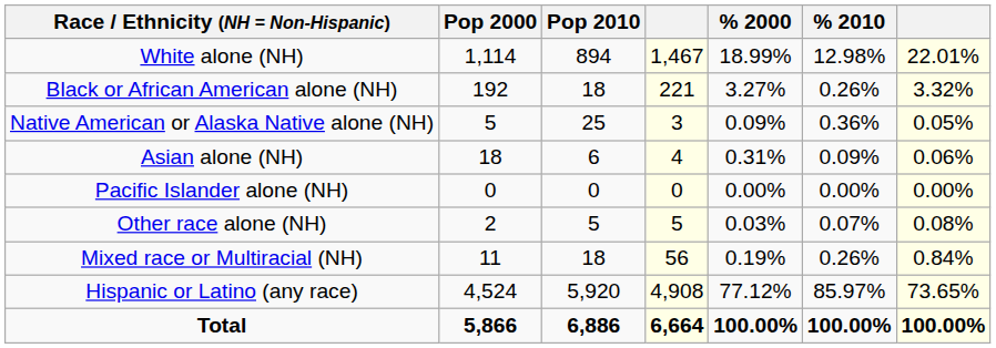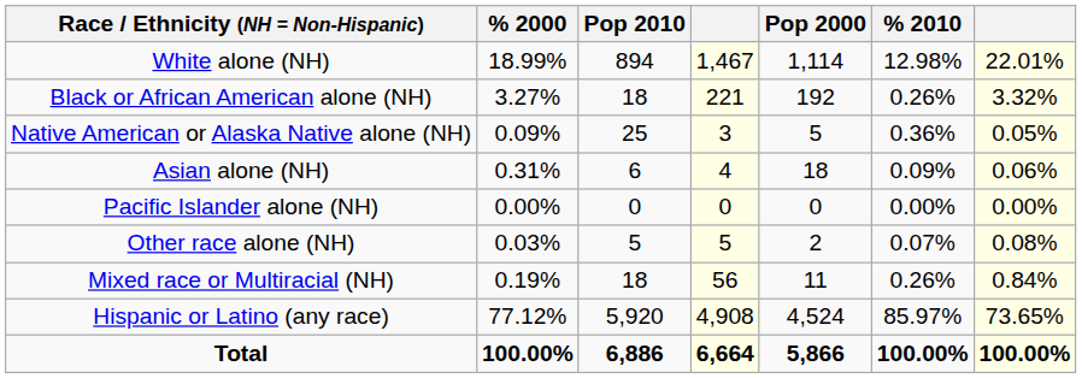 <table class="wikitable" style="text-align:center;">
 <tr>
 <th>Race / Ethnicity <small>(<em>NH = Non-Hispanic</em>)</small></th>
-<th>Pop 2000</th>
+<th>% 2000</th>
 <th>Pop 2010</th>
 <th></th>
-<th>% 2000</th>
+<th>Pop 2000</th>
 <th>% 2010</th>
 <th></th>
 </tr>
 <tr>
 <td><a href='#'>White</a> alone (NH)</td>
-<td>1,114</td>
+<td>18.99%</td>
 <td>894</td>
 <td style='background: #ffffe6;'>1,467</td>
-<td>18.99%</td>
+<td>1,114</td>
 <td>12.98%</td>
 <td style='background: #ffffe6;'>22.01%</td>
 </tr>
 <tr>
 <td><a href='#'>Black or African American</a> alone (NH)</td>
-<td>192</td>
+<td>3.27%</td>
 <td>18</td>
 <td style='background: #ffffe6;'>221</td>
-<td>3.27%</td>
+<td>192</td>
 <td>0.26%</td>
 <td style='background: #ffffe6;'>3.32%</td>
 </tr>
 <tr>
 <td><a href='#'>Native American</a> or <a href='#'>Alaska Native</a> alone (NH)</td>
-<td>5</td>
+<td>0.09%</td>
 <td>25</td>
 <td style='background: #ffffe6;'>3</td>
-<td>0.09%</td>
+<td>5</td>
 <td>0.36%</td>
 <td style='background: #ffffe6;'>0.05%</td>
 </tr>
 <tr>
 <td><a href='#'>Asian</a> alone (NH)</td>
-<td>18</td>
+<td>0.31%</td>
 <td>6</td>
 <td style='background: #ffffe6;'>4</td>
-<td>0.31%</td>
+<td>18</td>
 <td>0.09%</td>
 <td style='background: #ffffe6;'>0.06%</td>
 </tr>
 <tr>
 <td><a href='#'>Pacific Islander</a> alone (NH)</td>
-<td>0</td>
+<td>0.00%</td>
 <td>0</td>
 <td style='background: #ffffe6;'>0</td>
-<td>0.00%</td>
+<td>0</td>
 <td>0.00%</td>
 <td style='background: #ffffe6;'>0.00%</td>
 </tr>
 <tr>
 <td><a href='#'>Other race</a> alone (NH)</td>
-<td>2</td>
+<td>0.03%</td>
 <td>5</td>
 <td style='background: #ffffe6;'>5</td>
-<td>0.03%</td>
+<td>2</td>
 <td>0.07%</td>
 <td style='background: #ffffe6;'>0.08%</td>
 </tr>
 <tr>
 <td><a href='#'>Mixed race or Multiracial</a> (NH)</td>
-<td>11</td>
+<td>0.19%</td>
 <td>18</td>
 <td style='background: #ffffe6;'>56</td>
-<td>0.19%</td>
+<td>11</td>
 <td>0.26%</td>
 <td style='background: #ffffe6;'>0.84%</td>
 </tr>
 <tr>
 <td><a href='#'>Hispanic or Latino</a> (any race)</td>
-<td>4,524</td>
+<td>77.12%</td>
 <td>5,920</td>
 <td style='background: #ffffe6;'>4,908</td>
-<td>77.12%</td>
+<td>4,524</td>
 <td>85.97%</td>
 <td style='background: #ffffe6;'>73.65%</td>
 </tr>
 <tr>
 <td><strong>Total</strong></td>
-<td><strong>5,866</strong></td>
+<td><strong>100.00%</strong></td>
 <td><strong>6,886</strong></td>
 <td style='background: #ffffe6;'><strong>6,664</strong></td>
-<td><strong>100.00%</strong></td>
+<td><strong>5,866</strong></td>
 <td><strong>100.00%</strong></td>
 <td style='background: #ffffe6;'><strong>100.00%</strong></td>
 </tr>
 </table>
